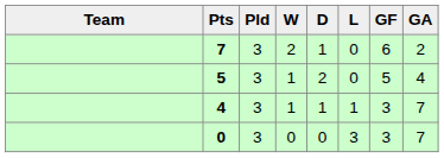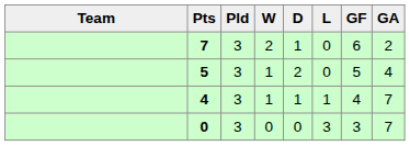 <table style=border-collapse:collapse border=1 cellspacing=0 cellpadding=5>
 <tr align=center bgcolor=#efefef>
 <th width=185>Team</th>
 <th width=20>Pts</th>
 <th width=20>Pld</th>
 <th width=20>W</th>
 <th width=20>D</th>
 <th width=20>L</th>
 <th width=20>GF</th>
 <th width=20>GA</th>
 </tr>
 <tr align=center style="background:#ccffcc">
 <td style="text-align:left;"></td>
 <td><strong>7</strong></td>
 <td>3</td>
 <td>2</td>
 <td>1</td>
 <td>0</td>
 <td>6</td>
 <td>2</td>
 </tr>
 <tr align=center style="background:#ccffcc">
 <td style="text-align:left;"></td>
 <td><strong>5</strong></td>
 <td>3</td>
 <td>1</td>
 <td>2</td>
 <td>0</td>
 <td>5</td>
 <td>4</td>
 </tr>
 <tr align=center style="background:#ccffcc">
 <td style="text-align:left;"></td>
 <td><strong>4</strong></td>
 <td>3</td>
 <td>1</td>
 <td>1</td>
 <td>1</td>
-<td>3</td>
+<td>4</td>
 <td>7</td>
 </tr>
 <tr align=center style="background:#ccffcc">
 <td style="text-align:left;"></td>
 <td><strong>0</strong></td>
 <td>3</td>
 <td>0</td>
 <td>0</td>
 <td>3</td>
 <td>3</td>
 <td>7</td>
 </tr>
 </table>
